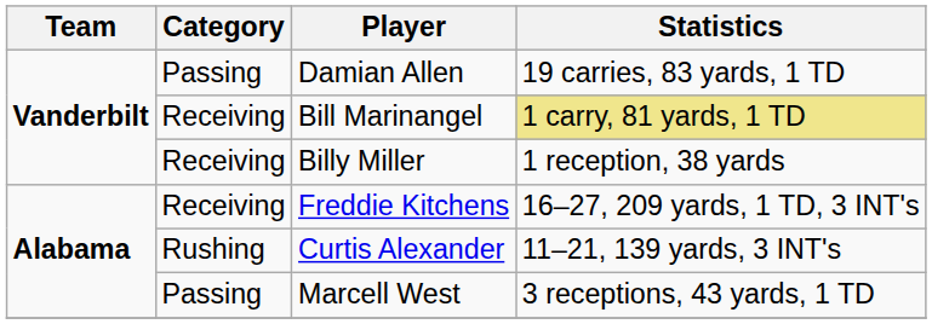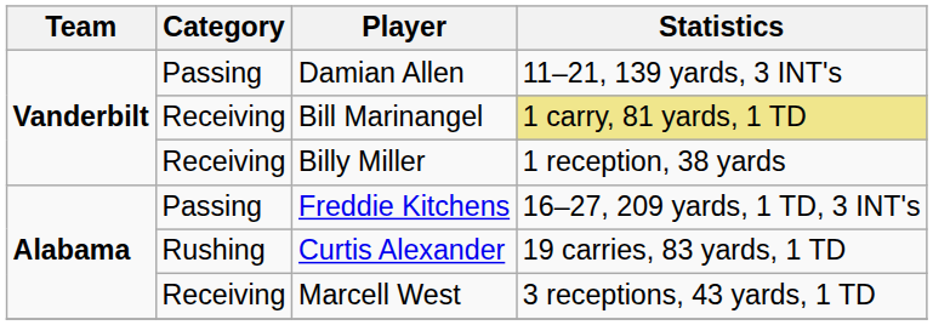 <table class="wikitable" style="float: right;">
 <tr>
 <th>Team</th>
 <th>Category</th>
 <th>Player</th>
 <th>Statistics</th>
 </tr>
 <tr>
 <td rowspan=3><strong>Vanderbilt</strong></td>
 <td>Passing</td>
 <td>Damian Allen</td>
-<td>19 carries, 83 yards, 1 TD</td>
+<td>11–21, 139 yards, 3 INT's</td>
 </tr>
 <tr>
 <td>Receiving</td>
 <td>Bill Marinangel</td>
 <td style="background: khaki;">1 carry, 81 yards, 1 TD</td>
 </tr>
 <tr>
 <td>Receiving</td>
 <td>Billy Miller</td>
 <td>1 reception, 38 yards</td>
 </tr>
 <tr>
 <td rowspan=3><strong>Alabama</strong></td>
-<td>Receiving</td>
+<td>Passing</td>
 <td><a href='#'>Freddie Kitchens</a></td>
 <td>16–27, 209 yards, 1 TD, 3 INT's</td>
 </tr>
 <tr>
 <td>Rushing</td>
 <td><a href='#'>Curtis Alexander</a></td>
-<td>11–21, 139 yards, 3 INT's</td>
+<td>19 carries, 83 yards, 1 TD</td>
 </tr>
 <tr>
-<td>Passing</td>
+<td>Receiving</td>
 <td>Marcell West</td>
 <td>3 receptions, 43 yards, 1 TD</td>
 </tr>
 <tr>
 </tr>
 </table>
